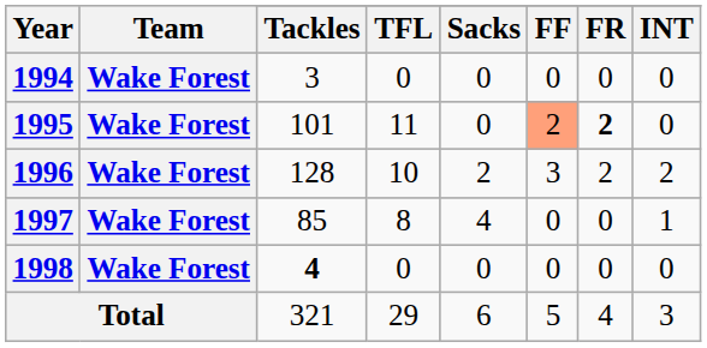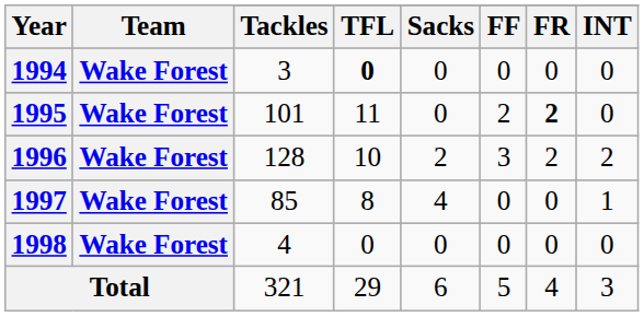 <table class="wikitable" style="text-align: center;">
 <tr>
 <th rowspan="2">Year</th>
 <th rowspan="2">Team</th>
 </tr>
 <tr>
 <th>Tackles</th>
 <th>TFL</th>
 <th>Sacks</th>
 <th>FF</th>
 <th>FR</th>
 <th>INT</th>
 </tr>
 <tr>
 <th><a href='#'>1994</a></th>
 <th><a href='#'>Wake Forest</a></th>
 <td>3</td>
-<td>0</td>
+<td><strong>0</strong></td>
 <td>0</td>
 <td>0</td>
 <td>0</td>
 <td>0</td>
 </tr>
 <tr>
 <th><a href='#'>1995</a></th>
 <th><a href='#'>Wake Forest</a></th>
 <td>101</td>
 <td>11</td>
 <td>0</td>
-<td style="background: lightsalmon;">2</td>
+<td>2</td>
 <td><strong>2</strong></td>
 <td>0</td>
 </tr>
 <tr>
 <th><a href='#'>1996</a></th>
 <th><a href='#'>Wake Forest</a></th>
 <td>128</td>
 <td>10</td>
 <td>2</td>
 <td>3</td>
 <td>2</td>
 <td>2</td>
 </tr>
 <tr>
 <th><a href='#'>1997</a></th>
 <th><a href='#'>Wake Forest</a></th>
 <td>85</td>
 <td>8</td>
 <td>4</td>
 <td>0</td>
 <td>0</td>
 <td>1</td>
 </tr>
 <tr>
 <th><a href='#'>1998</a></th>
 <th><a href='#'>Wake Forest</a></th>
-<td><strong>4</strong></td>
+<td>4</td>
 <td>0</td>
 <td>0</td>
 <td>0</td>
 <td>0</td>
 <td>0</td>
 </tr>
 <tr>
 <th colspan="2">Total</th>
 <td>321</td>
 <td>29</td>
 <td>6</td>
 <td>5</td>
 <td>4</td>
 <td>3</td>
 </tr>
 </table>
